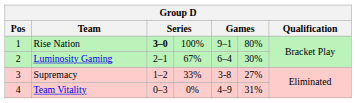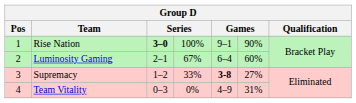 <table class="wikitable" style="display: inline-table; margin-left: 50px;width: 45%;">
 <tr>
 <th colspan="7">Group D</th>
 </tr>
 <tr>
 <th>Pos</th>
 <th>Team</th>
 <th colspan="2">Series</th>
 <th colspan="2">Games</th>
 <th>Qualification</th>
 </tr>
 <tr>
 <td style="text-align:center; background:#BBF3BB;">1</td>
 <td style="text-align:left; background:#BBF3BB;">Rise Nation</td>
 <td style="text-align:center; background:#BBF3BB;"><strong>3–0</strong></td>
 <td style="text-align:center; background:#BBF3BB;">100%</td>
 <td style="text-align:center; background:#BBF3BB;">9–1</td>
-<td style="text-align:center; background:#BBF3BB;">80%</td>
+<td style="text-align:center; background:#BBF3BB;">90%</td>
 <td style="text-align:center; background:#BBF3BB;" rowspan="2">Bracket Play</td>
 </tr>
 <tr>
 <td style="text-align:center; background:#BBF3BB;">2</td>
 <td style="text-align:left; background:#BBF3BB;"><a href='#'>Luminosity Gaming</a></td>
 <td style="text-align:center; background:#BBF3BB;">2–1</td>
 <td style="text-align:center; background:#BBF3BB;">67%</td>
 <td style="text-align:center; background:#BBF3BB;">6–4</td>
-<td style="text-align:center; background:#BBF3BB;">30%</td>
+<td style="text-align:center; background:#BBF3BB;">60%</td>
 </tr>
 <tr>
 <td style="text-align:center; background:#FFCCCC;">3</td>
 <td style="text-align:left; background:#FFCCCC;">Supremacy</td>
 <td style="text-align:center; background:#FFCCCC;">1–2</td>
 <td style="text-align:center; background:#FFCCCC;">33%</td>
-<td style="text-align:center; background:#FFCCCC;">3-8</td>
+<td style="text-align:center; background:#FFCCCC;"><strong>3-8</strong></td>
 <td style="text-align:center; background:#FFCCCC;">27%</td>
 <td style="text-align:center; background:#FFCCCC;" rowspan="2">Eliminated</td>
 </tr>
 <tr>
 <td style="text-align:center; background:#FFCCCC;">4</td>
 <td style="text-align:left; background:#FFCCCC;"><a href='#'>Team Vitality</a></td>
 <td style="text-align:center; background:#FFCCCC;">0–3</td>
 <td style="text-align:center; background:#FFCCCC;">0%</td>
 <td style="text-align:center; background:#FFCCCC;">4–9</td>
 <td style="text-align:center; background:#FFCCCC;">31%</td>
 </tr>
 </table>
